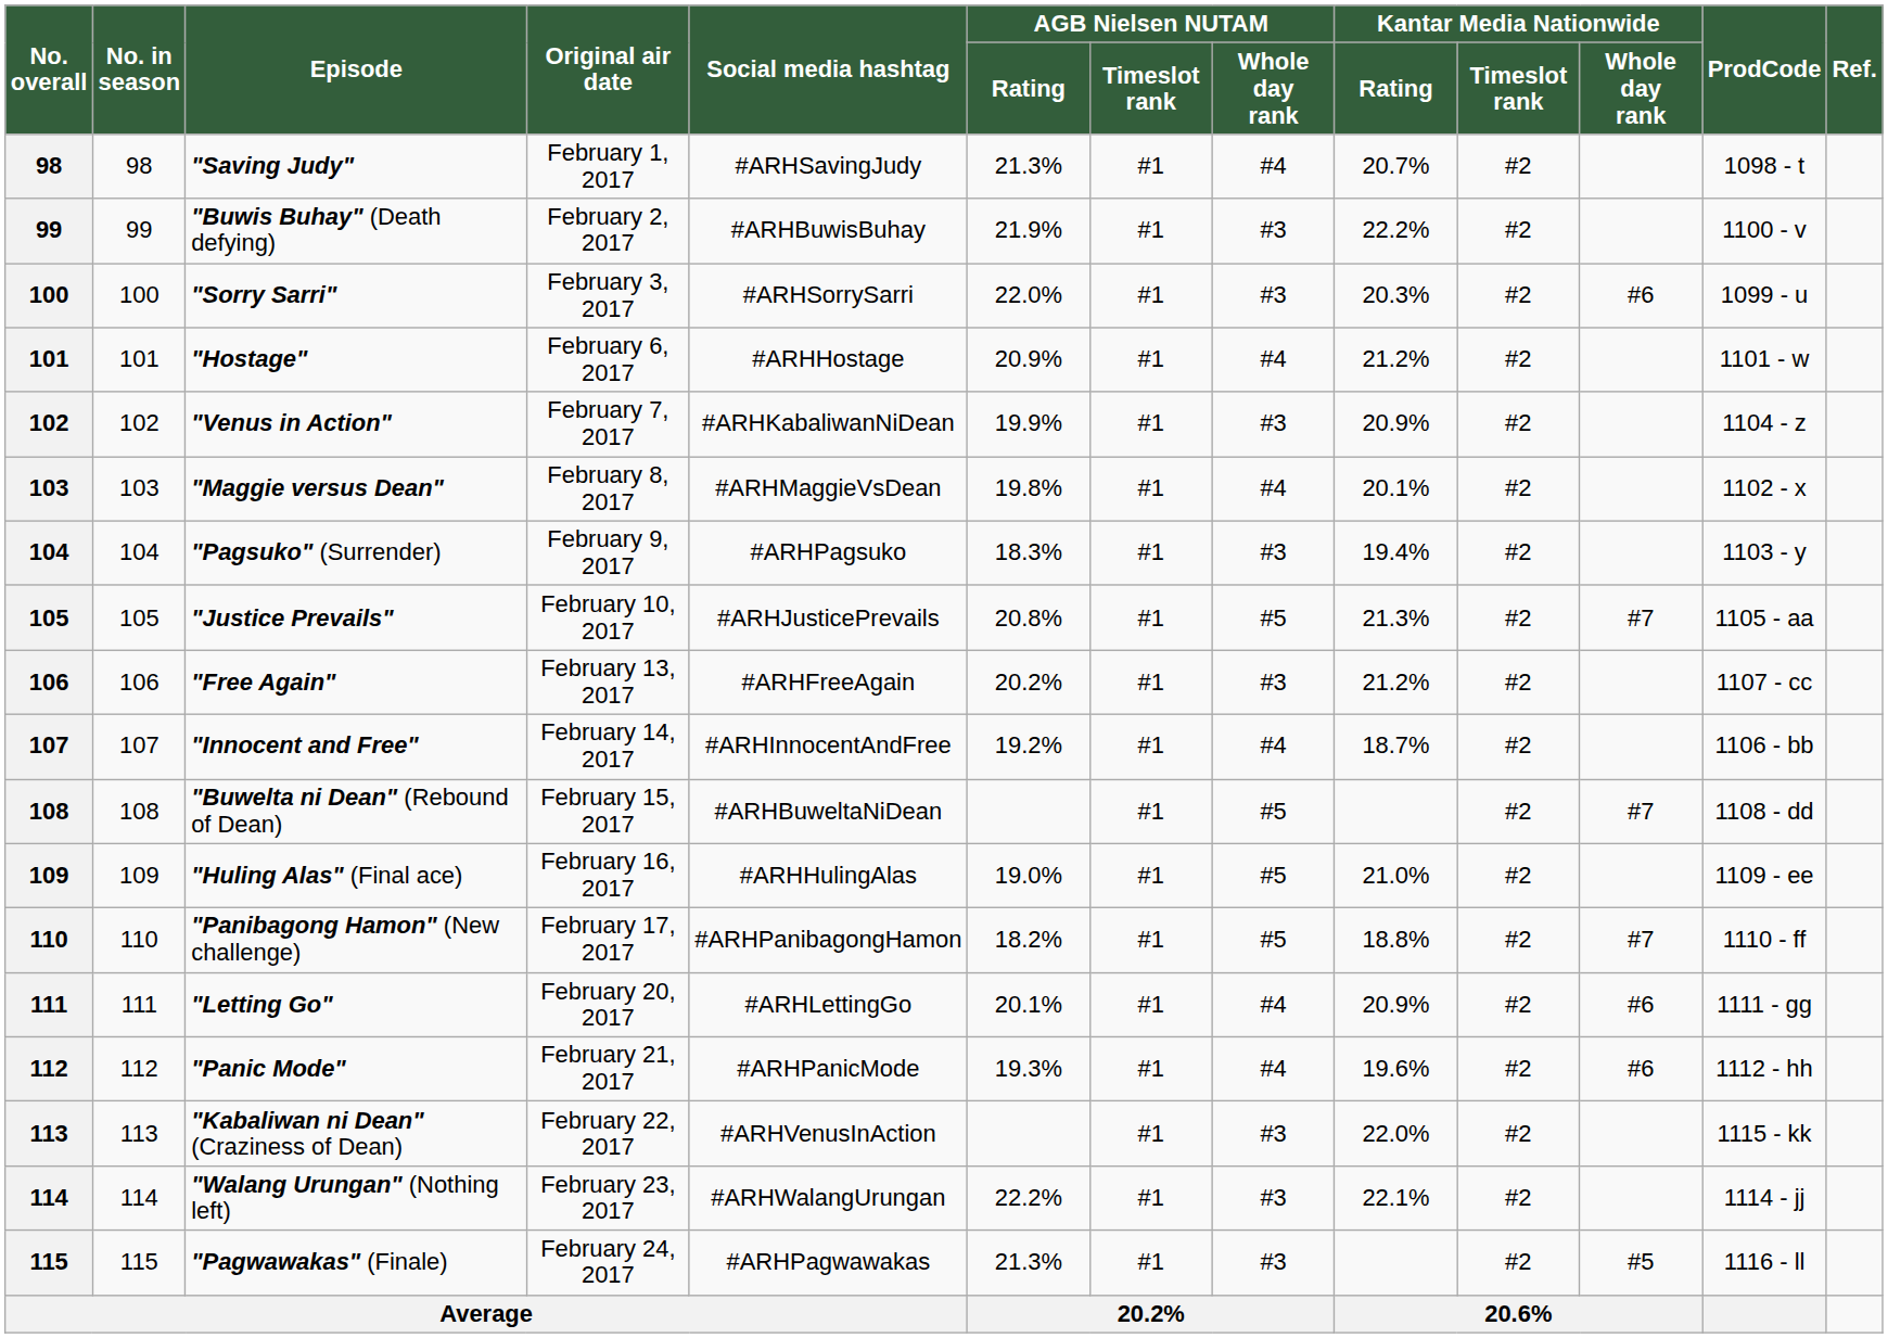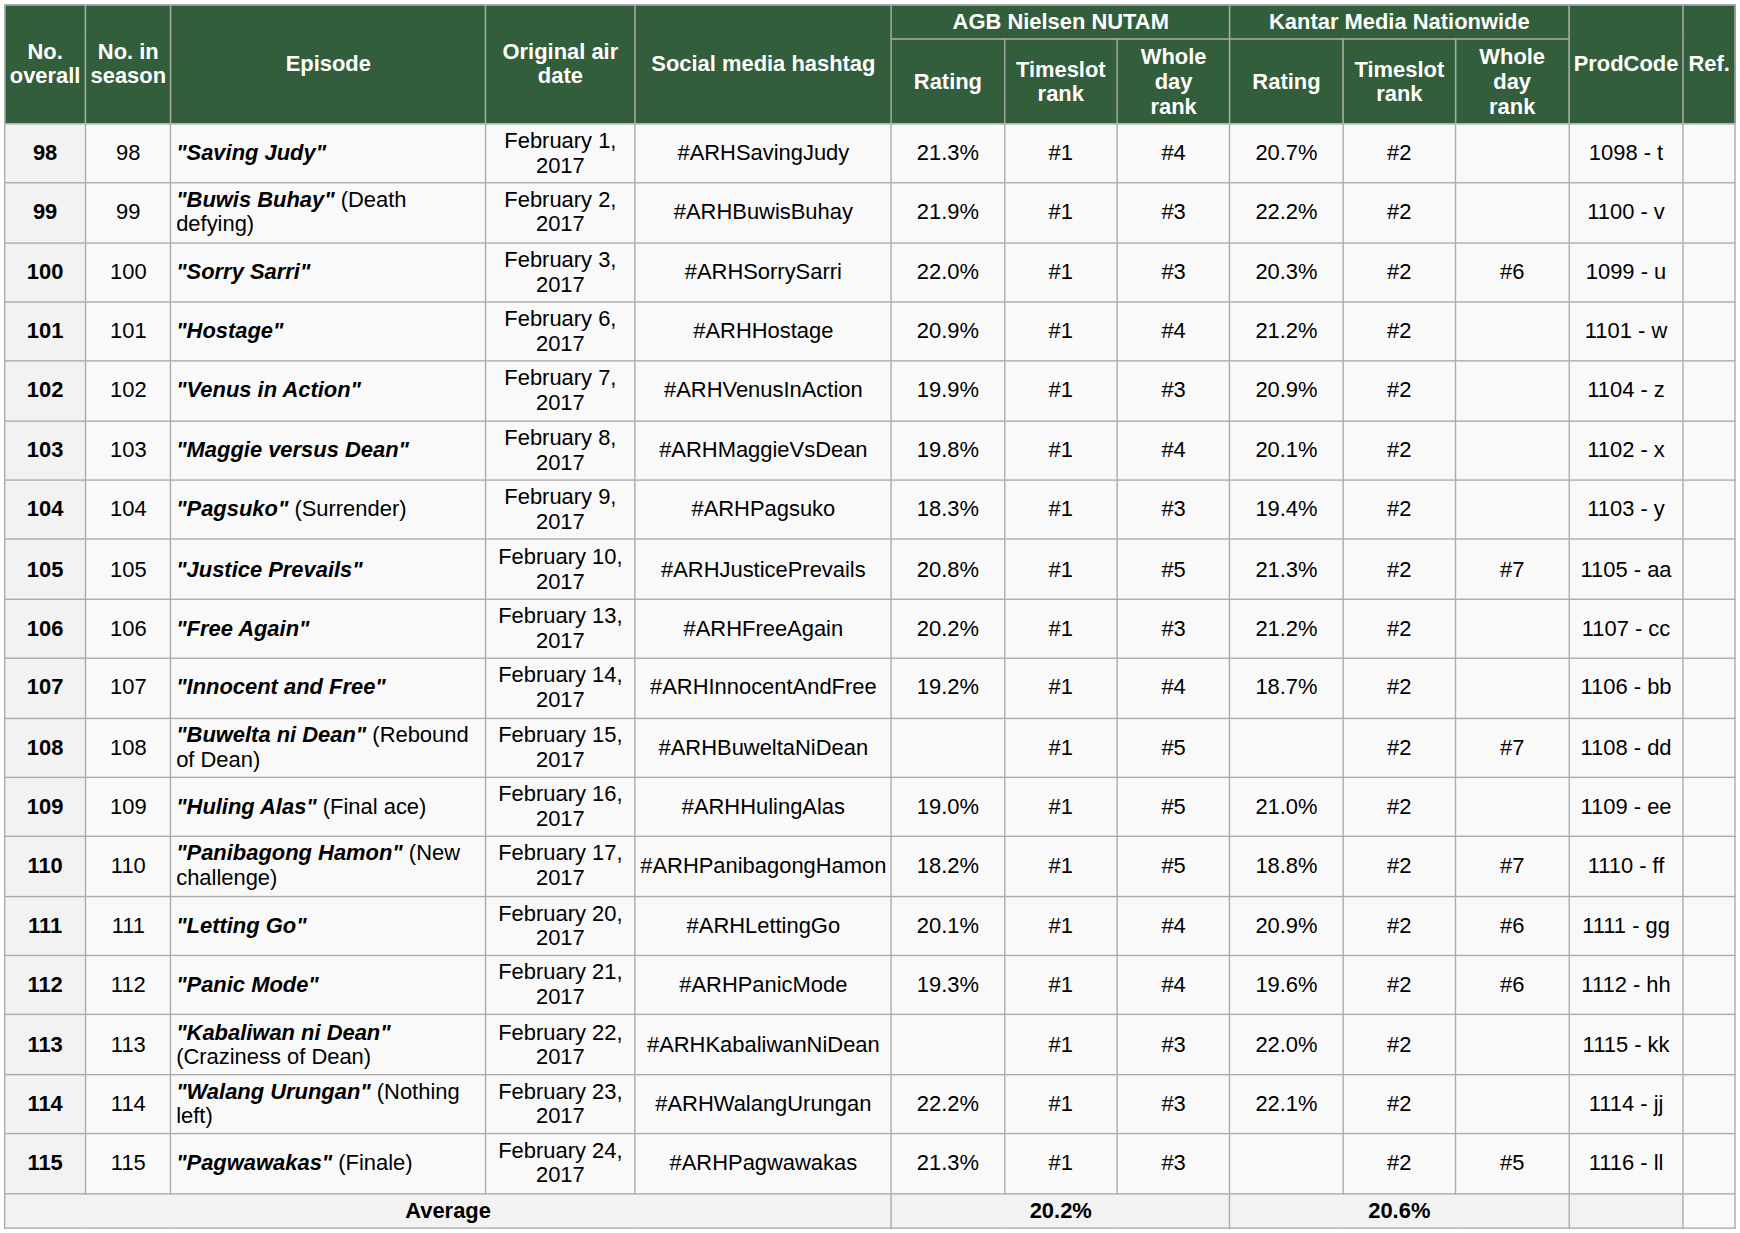 <table class="wikitable" style="text-align:center; font-size:100%; line-height:18px;"  width="100%">
 <tr>
 <th style="background-color:#335E3B; color:#ffffff;" rowspan="2">No.<br>overall</th>
 <th style="background-color:#335E3B; color:#ffffff;" rowspan="2">No. in<br>season</th>
 <th style="background-color:#335E3B; color:#ffffff;" rowspan="2">Episode</th>
 <th style="background: #335E3B; color:white" rowspan="2">Original air date</th>
 <th style="background:#335E3B; color:white" rowspan="2">Social media hashtag</th>
 <th style="background-color:#335E3B; color:#ffffff;" colspan="3">AGB Nielsen NUTAM</th>
 <th style="background-color:#335E3B; color:#ffffff;" colspan="3">Kantar Media Nationwide</th>
 <th style="background-color:#335E3B; color:#ffffff;" rowspan="2">ProdCode</th>
 <th style="background-color:#335E3B; color:#ffffff;" rowspan="2">Ref.</th>
 </tr>
 <tr>
 <th style="background-color:#335E3B; width:75px; color:#ffffff;">Rating</th>
 <th style="background-color:#335E3B; width:75px; color:#ffffff;">Timeslot<br>rank</th>
 <th style="background-color:#335E3B; width:75px; color:#ffffff;">Whole day<br>rank</th>
 <th style="background-color:#335E3B; width:75px; color:#ffffff;">Rating</th>
 <th style="background-color:#335E3B; width:75px; color:#ffffff;">Timeslot<br>rank</th>
 <th style="background-color:#335E3B; width:75px; color:#ffffff;">Whole day<br>rank</th>
 </tr>
 <tr>
 <th>98</th>
 <td>98</td>
 <td style="text-align: left;"><strong><em>"Saving Judy"</em></strong></td>
 <td>February 1, 2017</td>
 <td>#ARHSavingJudy</td>
 <td>21.3%</td>
 <td>#1</td>
 <td>#4</td>
 <td>20.7%</td>
 <td>#2</td>
 <td></td>
 <td>1098 - t</td>
 <td></td>
 </tr>
 <tr>
 <th>99</th>
 <td>99</td>
 <td style="text-align: left;"><strong><em>"Buwis Buhay"</em></strong> (Death defying)</td>
 <td>February 2, 2017</td>
 <td>#ARHBuwisBuhay</td>
 <td>21.9%</td>
 <td>#1</td>
 <td>#3</td>
 <td>22.2%</td>
 <td>#2</td>
 <td></td>
 <td>1100 - v</td>
 <td></td>
 </tr>
 <tr>
 <th>100</th>
 <td>100</td>
 <td style="text-align: left;"><strong><em>"Sorry Sarri"</em></strong></td>
 <td>February 3, 2017</td>
 <td>#ARHSorrySarri</td>
 <td>22.0%</td>
 <td>#1</td>
 <td>#3</td>
 <td>20.3%</td>
 <td>#2</td>
 <td>#6</td>
 <td>1099 - u</td>
 <td></td>
 </tr>
 <tr>
 <th>101</th>
 <td>101</td>
 <td style="text-align: left;"><strong><em>"Hostage"</em></strong></td>
 <td>February 6, 2017</td>
 <td>#ARHHostage</td>
 <td>20.9%</td>
 <td>#1</td>
 <td>#4</td>
 <td>21.2%</td>
 <td>#2</td>
 <td></td>
 <td>1101 - w</td>
 <td></td>
 </tr>
 <tr>
 <th>102</th>
 <td>102</td>
 <td style="text-align: left;"><strong><em>"Venus in Action"</em></strong></td>
 <td>February 7, 2017</td>
-<td>#ARHKabaliwanNiDean</td>
+<td>#ARHVenusInAction</td>
 <td>19.9%</td>
 <td>#1</td>
 <td>#3</td>
 <td>20.9%</td>
 <td>#2</td>
 <td></td>
 <td>1104 - z</td>
 <td></td>
 </tr>
 <tr>
 <th>103</th>
 <td>103</td>
 <td style="text-align: left;"><strong><em>"Maggie versus Dean"</em></strong></td>
 <td>February 8, 2017</td>
 <td>#ARHMaggieVsDean</td>
 <td>19.8%</td>
 <td>#1</td>
 <td>#4</td>
 <td>20.1%</td>
 <td>#2</td>
 <td></td>
 <td>1102 - x</td>
 <td></td>
 </tr>
 <tr>
 <th>104</th>
 <td>104</td>
 <td style="text-align: left;"><strong><em>"Pagsuko"</em></strong> (Surrender)</td>
 <td>February 9, 2017</td>
 <td>#ARHPagsuko</td>
 <td>18.3%</td>
 <td>#1</td>
 <td>#3</td>
 <td>19.4%</td>
 <td>#2</td>
 <td></td>
 <td>1103 - y</td>
 <td></td>
 </tr>
 <tr>
 <th>105</th>
 <td>105</td>
 <td style="text-align: left;"><strong><em>"Justice Prevails"</em></strong></td>
 <td>February 10, 2017</td>
 <td>#ARHJusticePrevails</td>
 <td>20.8%</td>
 <td>#1</td>
 <td>#5</td>
 <td>21.3%</td>
 <td>#2</td>
 <td>#7</td>
 <td>1105 - aa</td>
 <td></td>
 </tr>
 <tr>
 <th>106</th>
 <td>106</td>
 <td style="text-align: left;"><strong><em>"Free Again"</em></strong></td>
 <td>February 13, 2017</td>
 <td>#ARHFreeAgain</td>
 <td>20.2%</td>
 <td>#1</td>
 <td>#3</td>
 <td>21.2%</td>
 <td>#2</td>
 <td></td>
 <td>1107 - cc</td>
 <td></td>
 </tr>
 <tr>
 <th>107</th>
 <td>107</td>
 <td style="text-align: left;"><strong><em>"Innocent and Free"</em></strong></td>
 <td>February 14, 2017</td>
 <td>#ARHInnocentAndFree</td>
 <td>19.2%</td>
 <td>#1</td>
 <td>#4</td>
 <td>18.7%</td>
 <td>#2</td>
 <td></td>
 <td>1106 - bb</td>
 <td></td>
 </tr>
 <tr>
 <th>108</th>
 <td>108</td>
 <td style="text-align: left;"><strong><em>"Buwelta ni Dean"</em></strong> (Rebound of Dean)</td>
 <td>February 15, 2017</td>
 <td>#ARHBuweltaNiDean</td>
 <td></td>
 <td>#1</td>
 <td>#5</td>
 <td></td>
 <td>#2</td>
 <td>#7</td>
 <td>1108 - dd</td>
 <td></td>
 </tr>
 <tr>
 <th>109</th>
 <td>109</td>
 <td style="text-align: left;"><strong><em>"Huling Alas"</em></strong> (Final ace)</td>
 <td>February 16, 2017</td>
 <td>#ARHHulingAlas</td>
 <td>19.0%</td>
 <td>#1</td>
 <td>#5</td>
 <td>21.0%</td>
 <td>#2</td>
 <td></td>
 <td>1109 - ee</td>
 <td></td>
 </tr>
 <tr>
 <th>110</th>
 <td>110</td>
 <td style="text-align: left;"><strong><em>"Panibagong Hamon"</em></strong> (New challenge)</td>
 <td>February 17, 2017</td>
 <td>#ARHPanibagongHamon</td>
 <td>18.2%</td>
 <td>#1</td>
 <td>#5</td>
 <td>18.8%</td>
 <td>#2</td>
 <td>#7</td>
 <td>1110 - ff</td>
 <td></td>
 </tr>
 <tr>
 <th>111</th>
 <td>111</td>
 <td style="text-align: left;"><strong><em>"Letting Go"</em></strong></td>
 <td>February 20, 2017</td>
 <td>#ARHLettingGo</td>
 <td>20.1%</td>
 <td>#1</td>
 <td>#4</td>
 <td>20.9%</td>
 <td>#2</td>
 <td>#6</td>
 <td>1111 - gg</td>
 <td></td>
 </tr>
 <tr>
 <th>112</th>
 <td>112</td>
 <td style="text-align: left;"><strong><em>"Panic Mode"</em></strong></td>
 <td>February 21, 2017</td>
 <td>#ARHPanicMode</td>
 <td>19.3%</td>
 <td>#1</td>
 <td>#4</td>
 <td>19.6%</td>
 <td>#2</td>
 <td>#6</td>
 <td>1112 - hh</td>
 <td></td>
 </tr>
 <tr>
 <th>113</th>
 <td>113</td>
 <td style="text-align: left;"><strong><em>"Kabaliwan ni Dean"</em></strong> (Craziness of Dean)</td>
 <td>February 22, 2017</td>
-<td>#ARHVenusInAction</td>
+<td>#ARHKabaliwanNiDean</td>
 <td></td>
 <td>#1</td>
 <td>#3</td>
 <td>22.0%</td>
 <td>#2</td>
 <td></td>
 <td>1115 - kk</td>
 <td></td>
 </tr>
 <tr>
 <th>114</th>
 <td>114</td>
 <td style="text-align: left;"><strong><em>"Walang Urungan"</em></strong> (Nothing left)</td>
 <td>February 23, 2017</td>
 <td>#ARHWalangUrungan</td>
 <td>22.2%</td>
 <td>#1</td>
 <td>#3</td>
 <td>22.1%</td>
 <td>#2</td>
 <td></td>
 <td>1114 - jj</td>
 <td></td>
 </tr>
 <tr>
 <th>115</th>
 <td>115</td>
 <td style="text-align: left;"><strong><em>"Pagwawakas"</em></strong> (Finale)</td>
 <td>February 24, 2017</td>
 <td>#ARHPagwawakas</td>
 <td>21.3%</td>
 <td>#1</td>
 <td>#3</td>
 <td></td>
 <td>#2</td>
 <td>#5</td>
 <td>1116 - ll</td>
 <td></td>
 </tr>
 <tr>
 <th colspan="5">Average</th>
 <th colspan="3">20.2%</th>
 <th colspan="3">20.6%</th>
 <th></th>
 </tr>
 </table>
